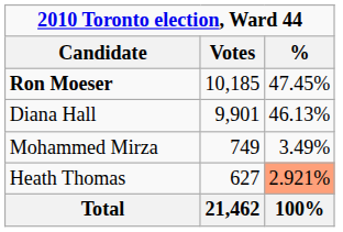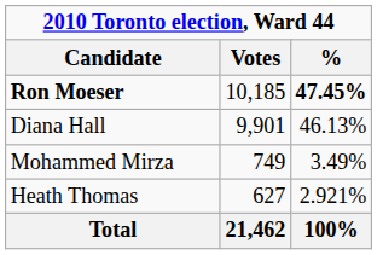 <table class="wikitable">
 <tr>
 <td Colspan="3" align="center"><strong><a href='#'>2010 Toronto election</a>, Ward 44</strong></td>
 </tr>
 <tr>
 <th bgcolor="#DDDDFF" width="150px">Candidate</th>
 <th bgcolor="#DDDDFF">Votes</th>
 <th bgcolor="#DDDDFF">%</th>
 </tr>
 <tr>
 <td><strong>Ron Moeser</strong></td>
 <td align=right>10,185</td>
-<td align=right>47.45%</td>
+<td align=right><strong>47.45%</strong></td>
 </tr>
 <tr>
 <td>Diana Hall</td>
 <td align=right>9,901</td>
 <td align=right>46.13%</td>
 </tr>
 <tr>
 <td>Mohammed Mirza</td>
 <td align=right>749</td>
 <td align=right>3.49%</td>
 </tr>
 <tr>
 <td>Heath Thomas</td>
 <td align=right>627</td>
-<td align=right style="background: lightsalmon;">2.921%</td>
+<td align=right>2.921%</td>
 </tr>
 <tr>
 <th>Total</th>
 <th align=right>21,462</th>
 <th align=right>100%</th>
 </tr>
 </table>
